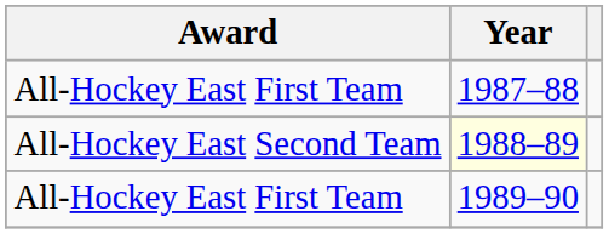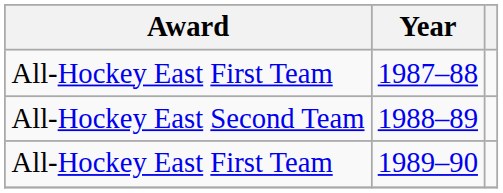 <table class="wikitable">
 <tr>
 <th>Award</th>
 <th>Year</th>
 <th></th>
 </tr>
 <tr>
 <td>All-<a href='#'>Hockey East</a> <a href='#'>First Team</a></td>
 <td><a href='#'>1987–88</a></td>
 <td></td>
 </tr>
 <tr>
 <td>All-<a href='#'>Hockey East</a> <a href='#'>Second Team</a></td>
-<td style="background: lightyellow;"><a href='#'>1988–89</a></td>
+<td><a href='#'>1988–89</a></td>
 <td></td>
 </tr>
 <tr>
 <td>All-<a href='#'>Hockey East</a> <a href='#'>First Team</a></td>
 <td><a href='#'>1989–90</a></td>
 <td></td>
 </tr>
 <tr>
 </tr>
 </table>
